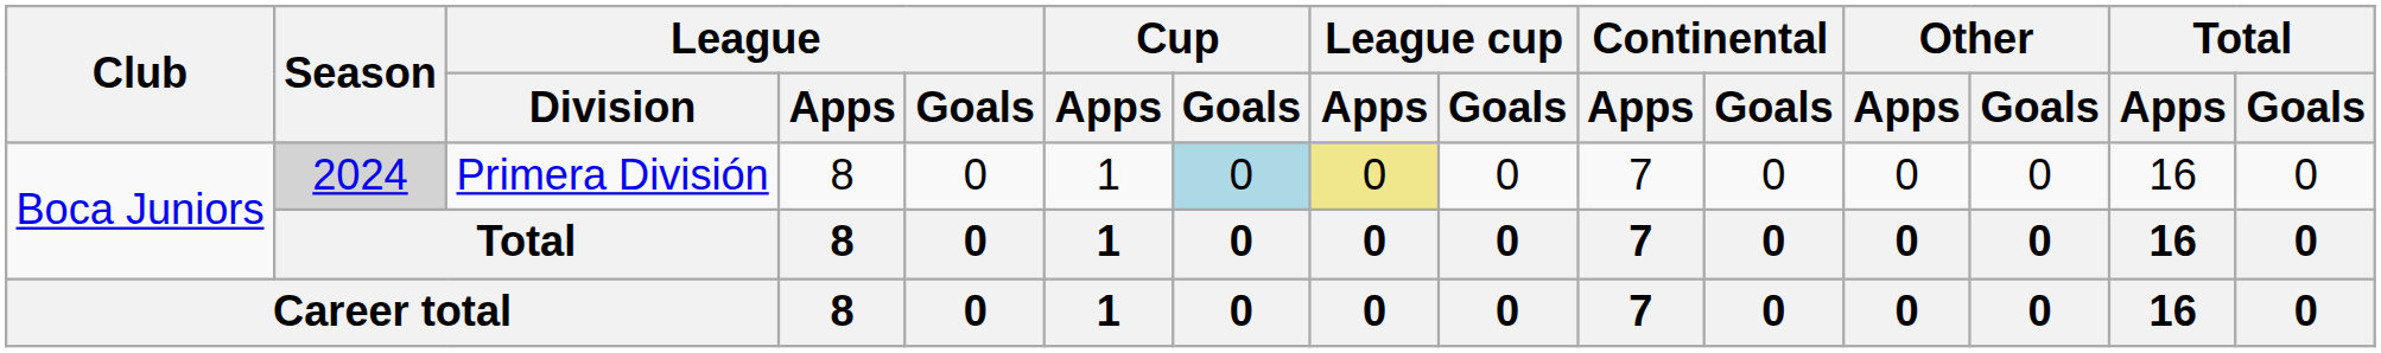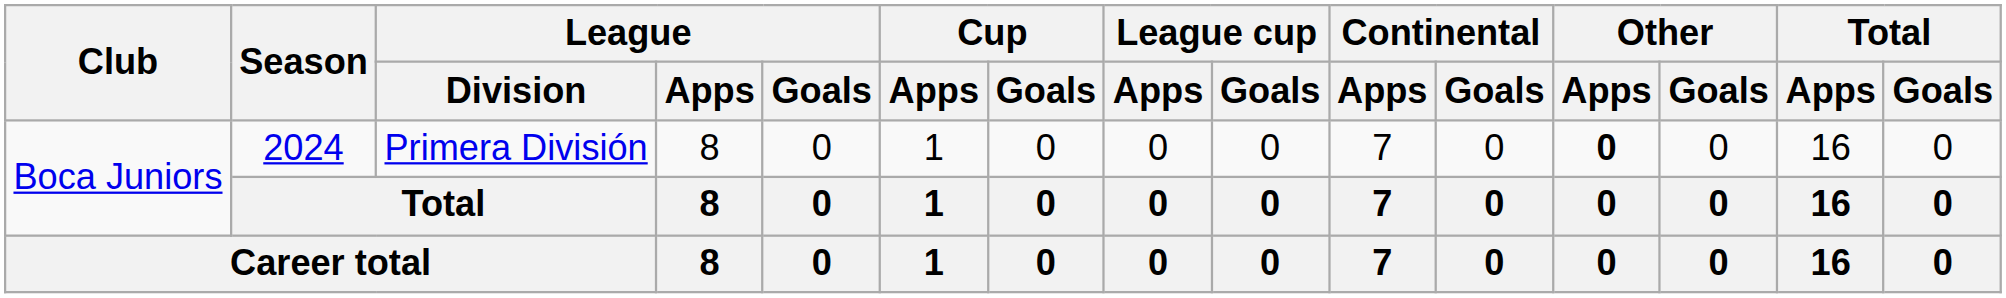 <table class="wikitable" style="text-align: center">
 <tr>
 <th rowspan="2">Club</th>
 <th rowspan="2">Season</th>
 <th colspan="3">League</th>
 <th colspan="2">Cup </th>
 <th colspan="2">League cup </th>
 <th colspan="2">Continental</th>
 <th colspan="2">Other</th>
 <th colspan="2">Total</th>
 </tr>
 <tr>
 <th>Division</th>
 <th>Apps</th>
 <th>Goals</th>
 <th>Apps</th>
 <th>Goals</th>
 <th>Apps</th>
 <th>Goals</th>
 <th>Apps</th>
 <th>Goals</th>
 <th>Apps</th>
 <th>Goals</th>
 <th>Apps</th>
 <th>Goals</th>
 </tr>
 <tr>
 <td rowspan="2"><a href='#'>Boca Juniors</a></td>
-<td style="background: lightgrey;"><a href='#'>2024</a></td>
+<td><a href='#'>2024</a></td>
 <td><a href='#'>Primera División</a></td>
 <td>8</td>
 <td>0</td>
 <td>1</td>
-<td style="background: lightblue;">0</td>
-<td style="background: khaki;">0</td>
+<td>0</td>
+<td>0</td>
 <td>0</td>
 <td>7</td>
 <td>0</td>
-<td>0</td>
+<td><strong>0</strong></td>
 <td>0</td>
 <td>16</td>
 <td>0</td>
 </tr>
 <tr>
 <th colspan="2">Total</th>
 <th>8</th>
 <th>0</th>
 <th>1</th>
 <th>0</th>
 <th>0</th>
 <th>0</th>
 <th>7</th>
 <th>0</th>
 <th>0</th>
 <th>0</th>
 <th>16</th>
 <th>0</th>
 </tr>
 <tr>
 <th colspan="3">Career total</th>
 <th>8</th>
 <th>0</th>
 <th>1</th>
 <th>0</th>
 <th>0</th>
 <th>0</th>
 <th>7</th>
 <th>0</th>
 <th>0</th>
 <th>0</th>
 <th>16</th>
 <th>0</th>
 </tr>
 </table>
